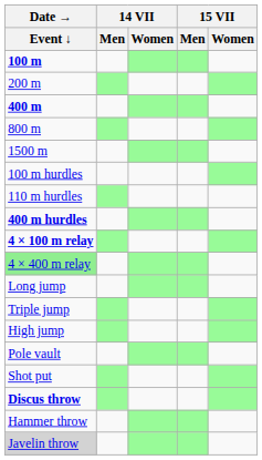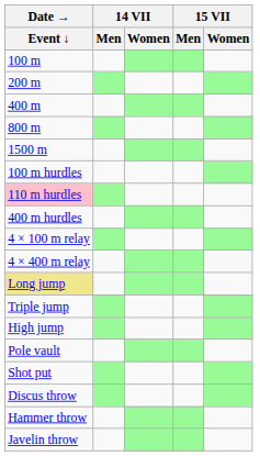 <table class="wikitable" style="font-size:90%; line-height:1.25em; text-align:center">
 <tr>
 <th>Date →</th>
 <th width="40px" colspan="2">14 VII</th>
 <th width="25px" colspan="3">15 VII</th>
 </tr>
 <tr>
 <th>Event   ↓</th>
 <th width="20px">Men</th>
 <th width="20px">Women</th>
 <th width="20px">Men</th>
 <th width="20px" colspan="2">Women</th>
 </tr>
 <tr>
-<td style="text-align:left;"><strong><a href='#'>100 m</a></strong></td>
+<td style="text-align:left;"><a href='#'>100 m</a></td>
 <td></td>
 <td style="background-color:#98FB98;"></td>
 <td style="background-color:#98FB98;"></td>
 <td></td>
 </tr>
 <tr>
 <td style="text-align:left;"><a href='#'>200 m</a></td>
 <td style="background-color:#98FB98;"></td>
 <td></td>
 <td></td>
 <td style="background-color:#98FB98;"></td>
 </tr>
 <tr>
-<td style="text-align:left;"><strong><a href='#'>400 m</a></strong></td>
+<td style="text-align:left;"><a href='#'>400 m</a></td>
 <td></td>
 <td style="background-color:#98FB98;"></td>
 <td style="background-color:#98FB98;"></td>
 <td></td>
 </tr>
 <tr>
 <td style="text-align:left;"><a href='#'>800 m</a></td>
 <td style="background-color:#98FB98;"></td>
 <td></td>
 <td></td>
 <td style="background-color:#98FB98;"></td>
 </tr>
 <tr>
 <td style="text-align:left;"><a href='#'>1500 m</a></td>
 <td></td>
 <td style="background-color:#98FB98;"></td>
 <td style="background-color:#98FB98;"></td>
 <td></td>
 </tr>
 <tr>
 <td style="text-align:left;"><a href='#'>100 m hurdles</a></td>
 <td></td>
 <td></td>
 <td></td>
 <td style="background-color:#98FB98;"></td>
 </tr>
 <tr>
-<td style="text-align:left;"><a href='#'>110 m hurdles</a></td>
+<td style="background: pink; text-align:left;"><a href='#'>110 m hurdles</a></td>
 <td style="background-color:#98FB98;"></td>
 <td></td>
 <td></td>
 <td></td>
 </tr>
 <tr>
-<td style="text-align:left;"><strong><a href='#'>400 m hurdles</a></strong></td>
+<td style="text-align:left;"><a href='#'>400 m hurdles</a></td>
 <td></td>
 <td style="background-color:#98FB98;"></td>
 <td style="background-color:#98FB98;"></td>
 <td></td>
 </tr>
 <tr>
-<td style="text-align:left;"><strong><a href='#'>4 × 100 m relay</a></strong></td>
+<td style="text-align:left;"><a href='#'>4 × 100 m relay</a></td>
 <td style="background-color:#98FB98;"></td>
 <td></td>
 <td></td>
 <td style="background-color:#98FB98;"></td>
 </tr>
 <tr>
-<td style="background: lightgreen; text-align:left;"><a href='#'>4 × 400 m relay</a></td>
+<td style="text-align:left;"><a href='#'>4 × 400 m relay</a></td>
 <td></td>
 <td style="background-color:#98FB98;"></td>
 <td style="background-color:#98FB98;"></td>
 <td></td>
 </tr>
 <tr>
-<td style="text-align:left;"><a href='#'>Long jump</a></td>
+<td style="background: khaki; text-align:left;"><a href='#'>Long jump</a></td>
 <td></td>
 <td style="background-color:#98FB98;"></td>
 <td style="background-color:#98FB98;"></td>
 <td></td>
 </tr>
 <tr>
 <td style="text-align:left;"><a href='#'>Triple jump</a></td>
 <td style="background-color:#98FB98;"></td>
 <td></td>
 <td></td>
 <td style="background-color:#98FB98;"></td>
 </tr>
 <tr>
 <td style="text-align:left;"><a href='#'>High jump</a></td>
 <td style="background-color:#98FB98;"></td>
 <td></td>
 <td></td>
 <td style="background-color:#98FB98;"></td>
 </tr>
 <tr>
 <td style="text-align:left;"><a href='#'>Pole vault</a></td>
 <td></td>
 <td style="background-color:#98FB98;"></td>
 <td style="background-color:#98FB98;"></td>
 <td></td>
 </tr>
 <tr>
 <td style="text-align:left;"><a href='#'>Shot put</a></td>
 <td style="background-color:#98FB98;"></td>
 <td></td>
 <td></td>
 <td style="background-color:#98FB98;"></td>
 </tr>
 <tr>
-<td style="text-align:left;"><strong><a href='#'>Discus throw</a></strong></td>
+<td style="text-align:left;"><a href='#'>Discus throw</a></td>
 <td style="background-color:#98FB98;"></td>
 <td></td>
 <td></td>
 <td style="background-color:#98FB98;"></td>
 </tr>
 <tr>
 <td style="text-align:left;"><a href='#'>Hammer throw</a></td>
 <td></td>
 <td style="background-color:#98FB98;"></td>
 <td style="background-color:#98FB98;"></td>
 <td></td>
 </tr>
 <tr>
-<td style="background: lightgrey; text-align:left;"><a href='#'>Javelin throw</a></td>
+<td style="text-align:left;"><a href='#'>Javelin throw</a></td>
 <td></td>
 <td style="background-color:#98FB98;"></td>
 <td style="background-color:#98FB98;"></td>
 <td></td>
 </tr>
 </table>
